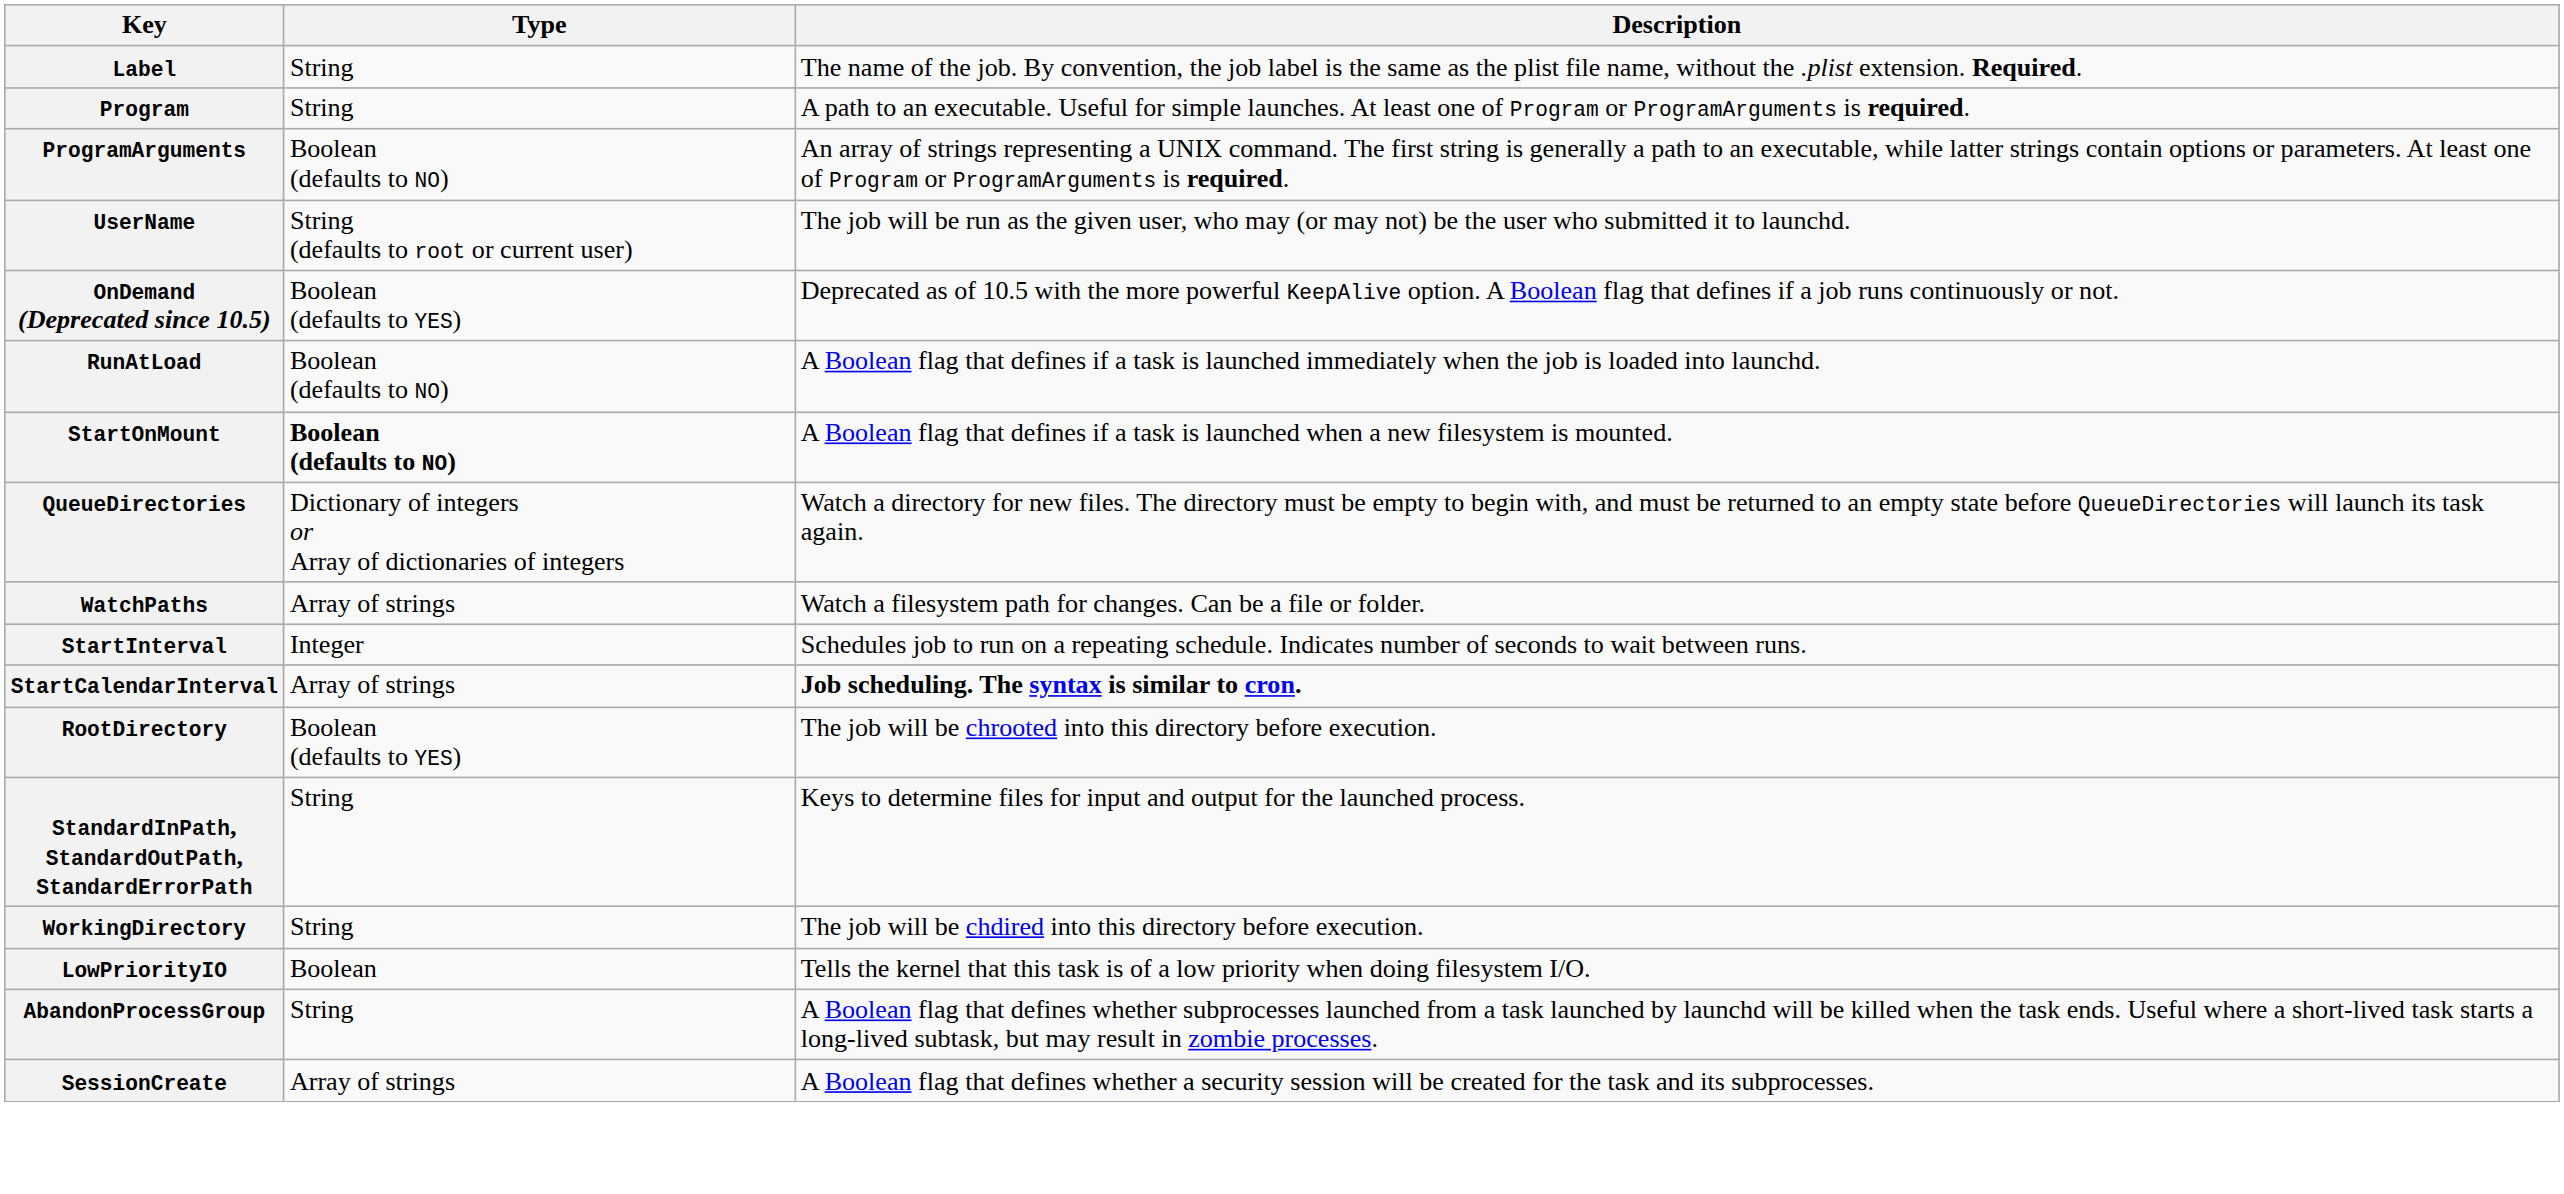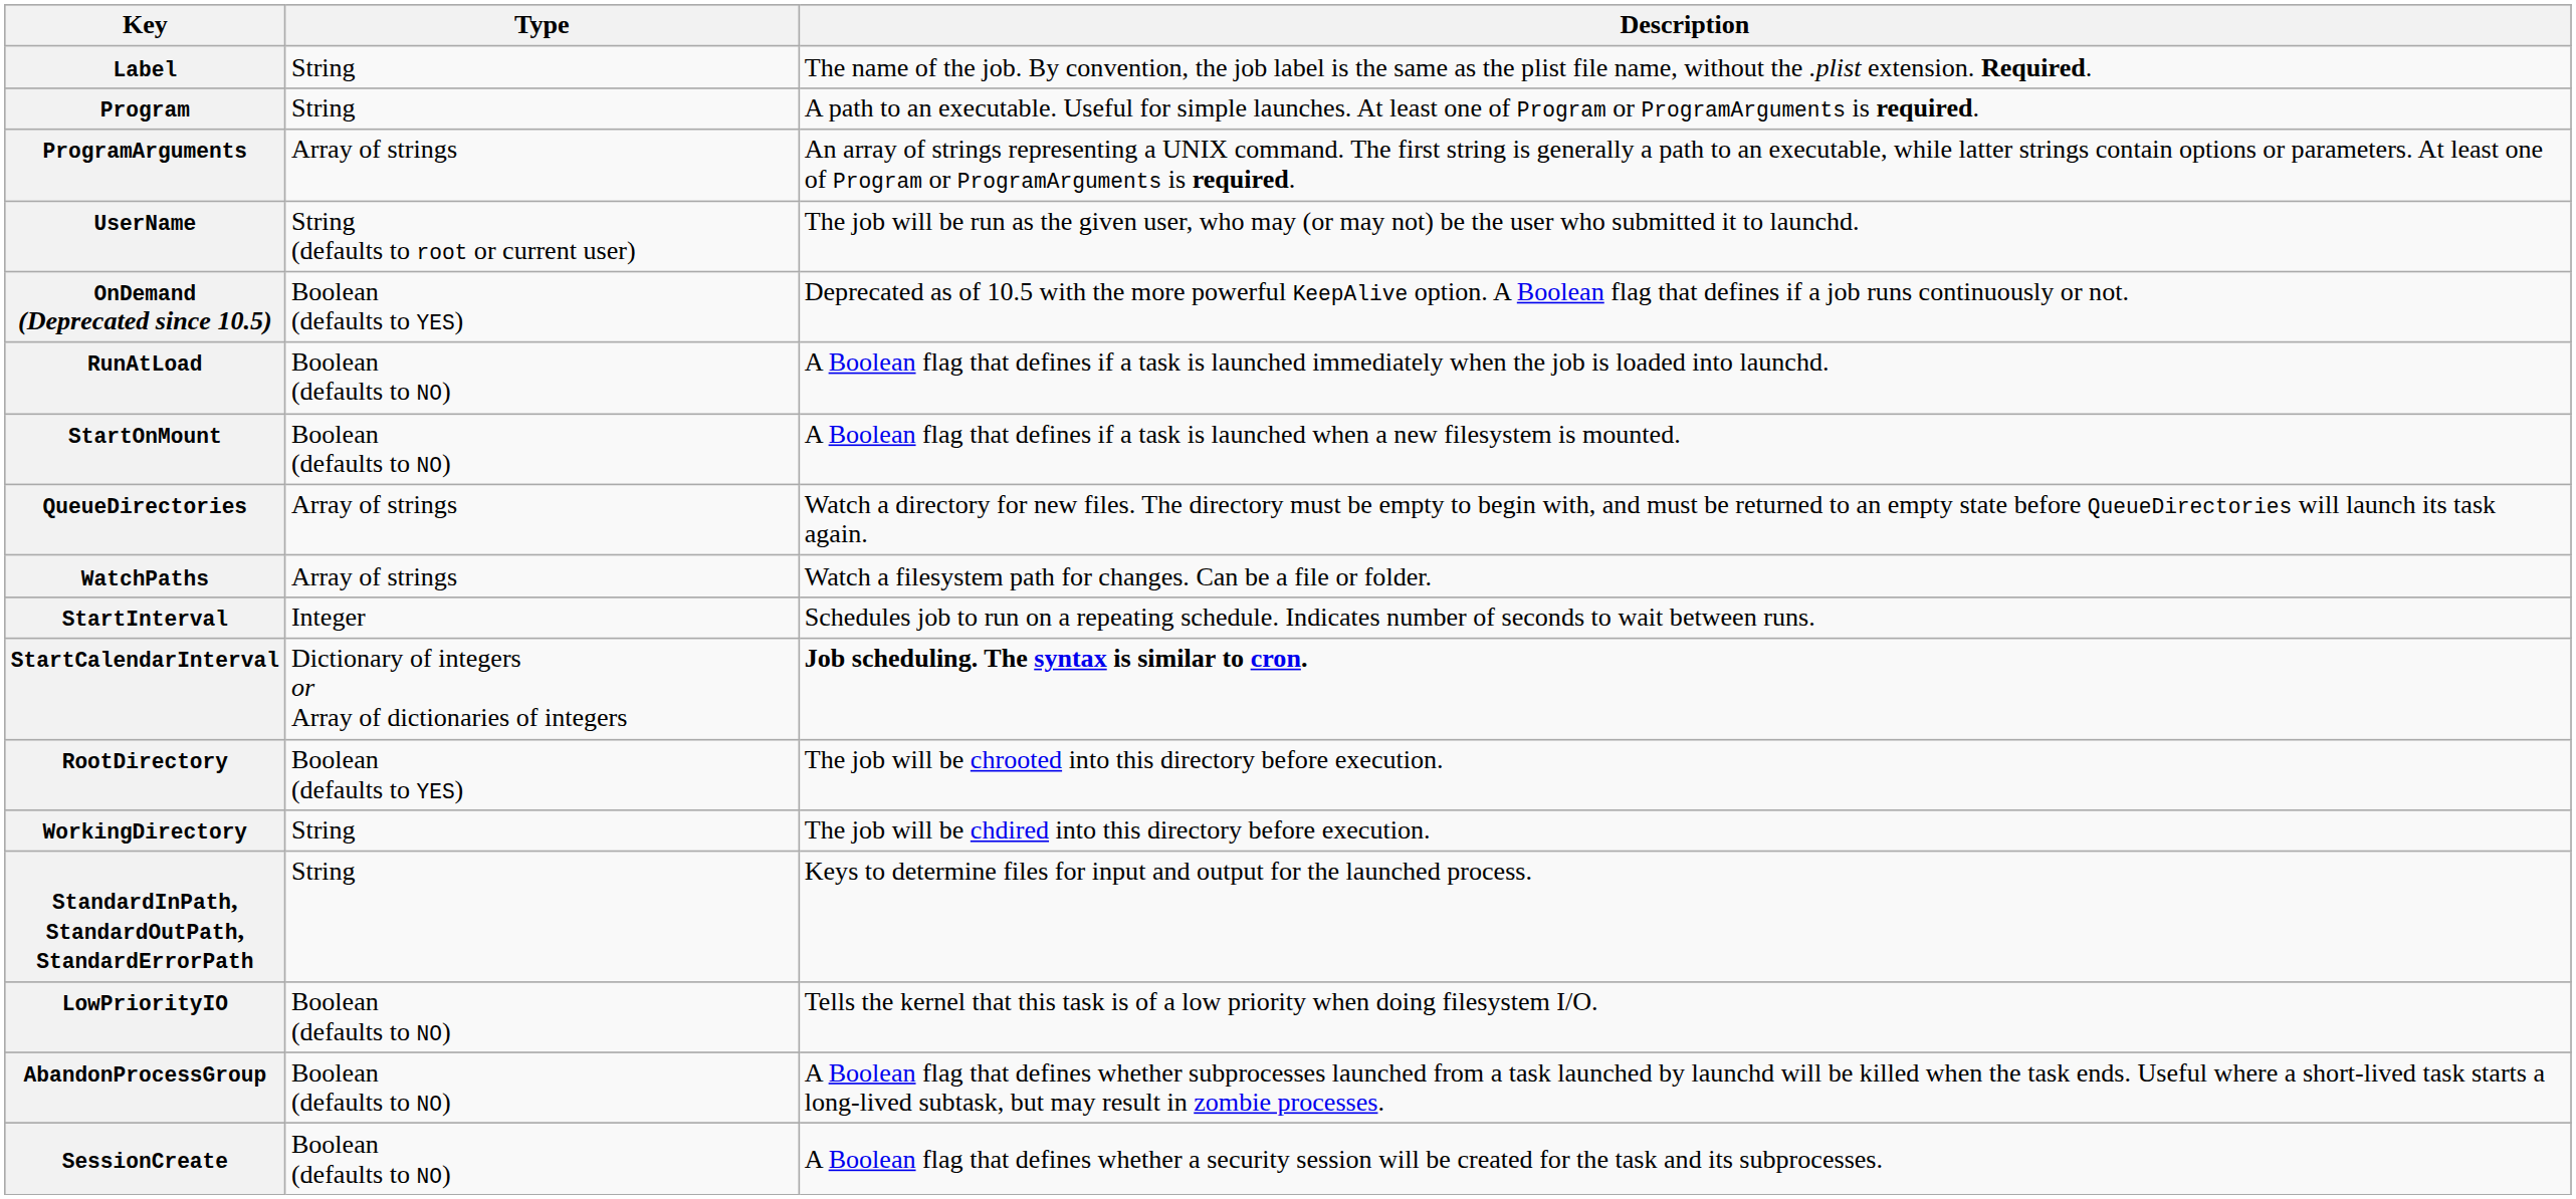 <table style="text-align: left" | class="wikitable sortable" style="font-size: small; vertical-align:top"!important; min-width: 80ex; width: 120ex; max-width: 120ex; margin: 2em auto; text-align:center">
 <tr valign="top">
 <th scope="col" style="width=20%">Key</th>
 <th scope="col" style="width:20%">Type</th>
 <th scope="col" class="unsortable">Description</th>
 </tr>
 <tr valign="top">
 <th><code>Label</code></th>
 <td>String</td>
 <td style="text-align: left">The name of the job.  By convention, the job label is the same as the plist file name, without the <em>.plist</em> extension. <strong>Required</strong>.</td>
 </tr>
 <tr valign="top">
 <th><code>Program</code></th>
 <td>String</td>
 <td style="text-align: left">A path to an executable. Useful for simple launches. At least one of <code>Program</code> or <code>ProgramArguments</code> is <strong>required</strong>.</td>
 </tr>
 <tr valign="top">
 <th><code>ProgramArguments</code></th>
-<td>Boolean<br>(defaults to <code>NO</code>)</td>
+<td>Array of strings</td>
 <td style="text-align: left">An array of strings representing a UNIX command. The first string is generally a path to an executable, while latter strings contain options or parameters. At least one of <code>Program</code> or <code>ProgramArguments</code> is <strong>required</strong>.</td>
 </tr>
 <tr valign="top">
 <th><code>UserName</code></th>
 <td>String<br>(defaults to <code>root</code> or current user)</td>
 <td style="text-align: left">The job will be run as the given user, who may (or may not) be the user who submitted it to launchd.</td>
 </tr>
 <tr valign="top">
 <th><code>OnDemand</code><br><em>(Deprecated since 10.5)</em></th>
 <td>Boolean<br>(defaults to <code>YES</code>)</td>
 <td style="text-align: left">Deprecated as of 10.5 with the more powerful <code>KeepAlive</code> option.  A <a href='#'>Boolean</a> flag that defines if a job runs continuously or not.</td>
 </tr>
 <tr valign="top">
 <th><code>RunAtLoad</code></th>
 <td>Boolean<br>(defaults to <code>NO</code>)</td>
 <td style="text-align: left">A <a href='#'>Boolean</a> flag that defines if a task is launched immediately when the job is loaded into launchd.</td>
 </tr>
 <tr valign="top">
 <th><code>StartOnMount</code></th>
-<td><strong>Boolean<br>(defaults to <code>NO</code>)</strong></td>
+<td>Boolean<br>(defaults to <code>NO</code>)</td>
 <td style="text-align: left">A <a href='#'>Boolean</a> flag that defines if a task is launched when a new filesystem is mounted.</td>
 </tr>
 <tr valign="top">
 <th><code>QueueDirectories</code></th>
-<td>Dictionary of integers<br><em>or</em><br>Array of dictionaries of integers</td>
+<td>Array of strings</td>
 <td style="text-align: left">Watch a directory for new files.  The directory must be empty to begin with, and must be returned to an empty state before <code>QueueDirectories</code> will launch its task again.</td>
 </tr>
 <tr valign="top">
 <th><code>WatchPaths</code></th>
 <td>Array of strings</td>
 <td style="text-align: left">Watch a filesystem path for changes.  Can be a file or folder.</td>
 </tr>
 <tr valign="top">
 <th><code>StartInterval</code></th>
 <td>Integer</td>
 <td style="text-align: left">Schedules job to run on a repeating schedule. Indicates number of seconds to wait between runs.</td>
 </tr>
 <tr valign="top">
 <th><code>StartCalendarInterval</code></th>
-<td>Array of strings</td>
+<td>Dictionary of integers<br><em>or</em><br>Array of dictionaries of integers</td>
 <td style="text-align: left"><strong>Job scheduling. The <a href='#'>syntax</a> is similar to <a href='#'>cron</a>.</strong></td>
 </tr>
 <tr valign="top">
 <th><code>RootDirectory</code></th>
 <td>Boolean<br>(defaults to <code>YES</code>)</td>
 <td style="text-align: left">The job will be <a href='#'>chrooted</a> into this directory before execution.</td>
 </tr>
 <tr valign="top">
+<th><code>WorkingDirectory</code></th>
+<td>String</td>
+<td style="text-align: left">The job will be <a href='#'>chdired</a> into this directory before execution.</td>
+</tr>
+<tr valign="top">
 <th><br><code>StandardInPath</code>,<br> <code>StandardOutPath</code>,<br> <code>StandardErrorPath</code></th>
 <td>String</td>
 <td style="text-align: left">Keys to determine files for input and output for the launched process.</td>
 </tr>
 <tr valign="top">
-<th><code>WorkingDirectory</code></th>
-<td>String</td>
-<td style="text-align: left">The job will be <a href='#'>chdired</a> into this directory before execution.</td>
-</tr>
-<tr valign="top">
 <th><code>LowPriorityIO</code></th>
-<td>Boolean</td>
+<td>Boolean<br>(defaults to <code>NO</code>)</td>
 <td style="text-align: left">Tells the kernel that this task is of a low priority when doing filesystem I/O.</td>
 </tr>
 <tr valign="top">
 <th><code>AbandonProcessGroup</code></th>
-<td>String</td>
+<td>Boolean<br>(defaults to <code>NO</code>)</td>
 <td style="text-align: left">A <a href='#'>Boolean</a> flag that defines whether subprocesses launched from a task launched by launchd will be killed when the task ends.  Useful where a short-lived task starts a long-lived subtask, but may result in <a href='#'>zombie processes</a>.</td>
 </tr>
 <tr>
 <th><code>SessionCreate</code></th>
-<td>Array of strings</td>
+<td>Boolean<br>(defaults to <code>NO</code>)</td>
 <td>A <a href='#'>Boolean</a> flag that defines whether a security session will be created for the task and its subprocesses.</td>
 </tr>
 </table>
